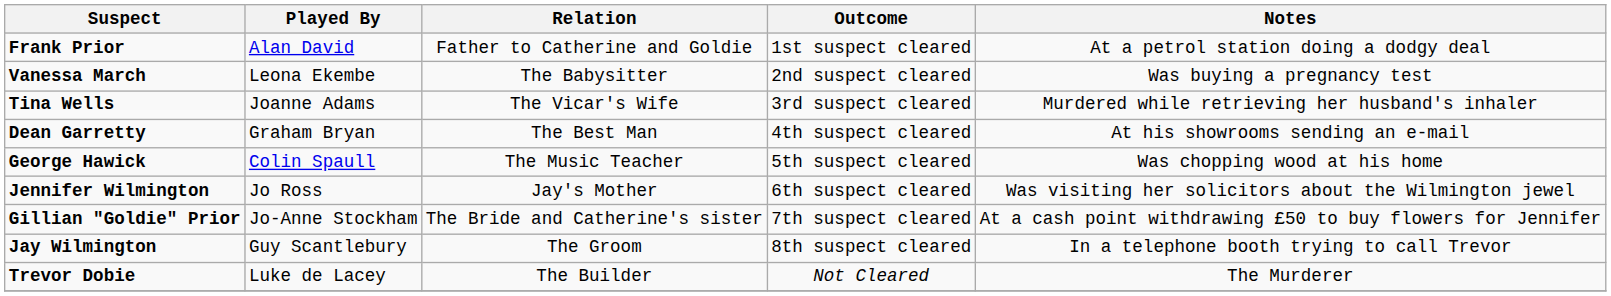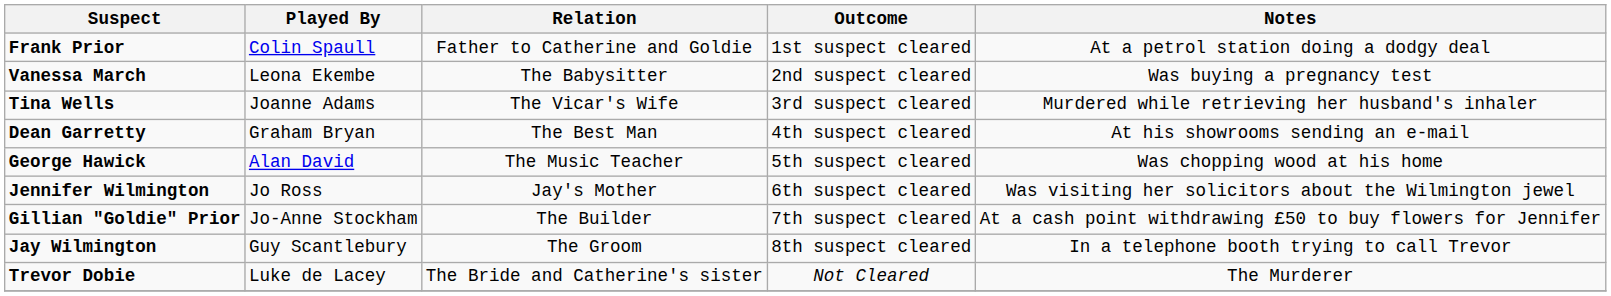 <table class="wikitable">
 <tr>
 <th>Suspect</th>
 <th>Played By</th>
 <th>Relation</th>
 <th>Outcome</th>
 <th>Notes</th>
 </tr>
 <tr>
 <td><strong>Frank Prior</strong></td>
-<td><a href='#'>Alan David</a></td>
+<td><a href='#'>Colin Spaull</a></td>
 <td align="center">Father to Catherine and Goldie</td>
 <td align="center">1st suspect cleared</td>
 <td align="center">At a petrol station doing a dodgy deal</td>
 </tr>
 <tr>
 <td><strong>Vanessa March</strong></td>
 <td>Leona Ekembe</td>
 <td align="center">The Babysitter</td>
 <td align="center">2nd suspect cleared</td>
 <td align="center">Was buying a pregnancy test</td>
 </tr>
 <tr>
 <td><strong>Tina Wells</strong></td>
 <td>Joanne Adams</td>
 <td align="center">The Vicar's Wife</td>
 <td align="center">3rd suspect cleared</td>
 <td align="center">Murdered while retrieving her husband's inhaler</td>
 </tr>
 <tr>
 <td><strong>Dean Garretty</strong></td>
 <td>Graham Bryan</td>
 <td align="center">The Best Man</td>
 <td align="center">4th suspect cleared</td>
 <td align="center">At his showrooms sending an e-mail</td>
 </tr>
 <tr>
 <td><strong>George Hawick</strong></td>
-<td><a href='#'>Colin Spaull</a></td>
+<td><a href='#'>Alan David</a></td>
 <td align="center">The Music Teacher</td>
 <td align="center">5th suspect cleared</td>
 <td align="center">Was chopping wood at his home</td>
 </tr>
 <tr>
 <td><strong>Jennifer Wilmington</strong></td>
 <td>Jo Ross</td>
 <td align="center">Jay's Mother</td>
 <td align="center">6th suspect cleared</td>
 <td align="center">Was visiting her solicitors about the Wilmington jewel</td>
 </tr>
 <tr>
 <td><strong>Gillian "Goldie" Prior</strong></td>
 <td>Jo-Anne Stockham</td>
-<td align="center">The Bride and Catherine's sister</td>
+<td align="center">The Builder</td>
 <td align="center">7th suspect cleared</td>
 <td align="center">At a cash point withdrawing £50 to buy flowers for Jennifer</td>
 </tr>
 <tr>
 <td><strong>Jay Wilmington</strong></td>
 <td>Guy Scantlebury</td>
 <td align="center">The Groom</td>
 <td align="center">8th suspect cleared</td>
 <td align="center">In a telephone booth trying to call Trevor</td>
 </tr>
 <tr>
 <td><strong>Trevor Dobie</strong></td>
 <td>Luke de Lacey</td>
-<td align="center">The Builder</td>
+<td align="center">The Bride and Catherine's sister</td>
 <td align="center"><em>Not Cleared</em></td>
 <td align="center">The Murderer</td>
 </tr>
 <tr>
 </tr>
 </table>
